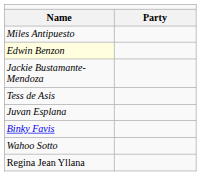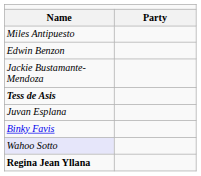 <table class=wikitable style="font-size:90%">
 <tr>
 <td colspan=4 bgcolor=></td>
 </tr>
 <tr>
 <th width=150px>Name</th>
 <th colspan=2 width=110px>Party</th>
 </tr>
 <tr>
 <td><em>Miles Antipuesto</em></td>
 <td></td>
 </tr>
 <tr>
-<td style="background: lightyellow;"><em>Edwin Benzon</em></td>
+<td><em>Edwin Benzon</em></td>
 <td></td>
 </tr>
 <tr>
 <td><em>Jackie Bustamante-Mendoza</em></td>
 <td></td>
 </tr>
 <tr>
-<td><em>Tess de Asis</em></td>
+<td><strong><em>Tess de Asis</em></strong></td>
 <td></td>
 </tr>
 <tr>
 <td><em>Juvan Esplana</em></td>
 <td></td>
 </tr>
 <tr>
 <td><em><a href='#'>Binky Favis</a></em></td>
 <td></td>
 </tr>
 <tr>
-<td><em>Wahoo Sotto</em></td>
+<td style="background: lavender;"><em>Wahoo Sotto</em></td>
 <td></td>
 </tr>
 <tr>
-<td>Regina Jean Yllana</td>
+<td><strong>Regina Jean Yllana</strong></td>
 <td></td>
 </tr>
 </table>
